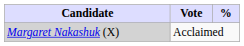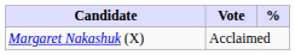 <table class="wikitable">
 <tr>
 <th style="background:#ddf; width:220px;">Candidate</th>
 <th style="background:#ddf; width:50px;">Vote</th>
 <th style="background:#ddf; width:30px;">%</th>
 </tr>
 <tr>
-<td style="background: lightgrey;"><em><a href='#'>Margaret Nakashuk</a></em> (X)</td>
+<td><em><a href='#'>Margaret Nakashuk</a></em> (X)</td>
 <td colspan="2">Acclaimed</td>
 </tr>
 </table>
